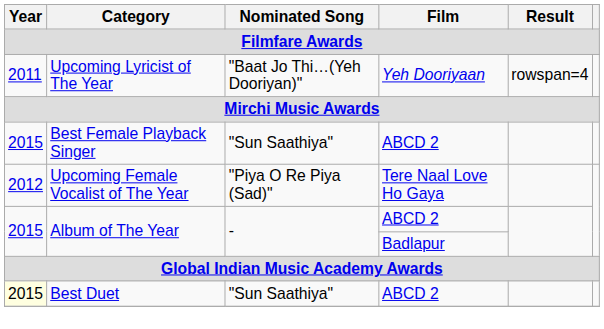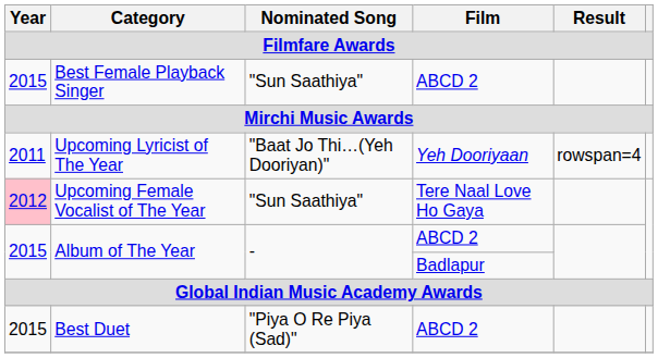 <table class="wikitable plainrowheaders">
 <tr>
 <th>Year</th>
 <th>Category</th>
 <th>Nominated Song</th>
 <th>Film</th>
 <th>Result</th>
 <th></th>
 </tr>
 <tr>
 <td colspan="6" style="text-align: center; background:#ddd; "><strong><a href='#'>Filmfare Awards</a></strong></td>
 </tr>
 <tr>
+<td><a href='#'>2015</a></td>
+<td><a href='#'>Best Female Playback Singer</a></td>
+<td>"Sun Saathiya"</td>
+<td><a href='#'>ABCD 2</a></td>
+<td></td>
+<td style="text-align: center;"></td>
+</tr>
+<tr>
+<td colspan="6" style="text-align: center; background:#ddd; "><strong><a href='#'>Mirchi Music Awards</a></strong></td>
+</tr>
+<tr>
 <td><a href='#'>2011</a></td>
 <td><a href='#'>Upcoming Lyricist of The Year</a></td>
 <td>"Baat Jo Thi…(Yeh Dooriyan)"</td>
 <td><em><a href='#'>Yeh Dooriyaan</a></em></td>
 <td>rowspan=4 </td>
 <td style="text-align: center;"></td>
 </tr>
 <tr>
-<td colspan="6" style="text-align: center; background:#ddd; "><strong><a href='#'>Mirchi Music Awards</a></strong></td>
-</tr>
-<tr>
-<td><a href='#'>2015</a></td>
-<td><a href='#'>Best Female Playback Singer</a></td>
+<td style="background: pink;"><a href='#'>2012</a></td>
+<td><a href='#'>Upcoming Female Vocalist of The Year</a></td>
 <td>"Sun Saathiya"</td>
-<td><a href='#'>ABCD 2</a></td>
-<td></td>
-<td style="text-align: center;"></td>
-</tr>
-<tr>
-<td><a href='#'>2012</a></td>
-<td><a href='#'>Upcoming Female Vocalist of The Year</a></td>
-<td>"Piya O Re Piya (Sad)"</td>
 <td><a href='#'>Tere Naal Love Ho Gaya</a></td>
 <td style="text-align: center;"></td>
 </tr>
 <tr>
 <td rowspan=2><a href='#'>2015</a></td>
 <td rowspan=2><a href='#'>Album of The Year</a></td>
 <td rowspan=2>-</td>
 <td><a href='#'>ABCD 2</a></td>
 <td rowspan=2 style="text-align: center;"></td>
 </tr>
 <tr>
 <td><a href='#'>Badlapur</a></td>
 </tr>
 <tr>
 <td colspan="6" style="text-align: center; background:#ddd; "><strong><a href='#'>Global Indian Music Academy Awards</a></strong></td>
 </tr>
 <tr>
-<td style="background: lightyellow;">2015</td>
+<td>2015</td>
 <td><a href='#'>Best Duet</a></td>
-<td>"Sun Saathiya"</td>
+<td>"Piya O Re Piya (Sad)"</td>
 <td><a href='#'>ABCD 2</a></td>
 <td></td>
 <td style="text-align: center;"></td>
 </tr>
 <tr>
 </tr>
 </table>
